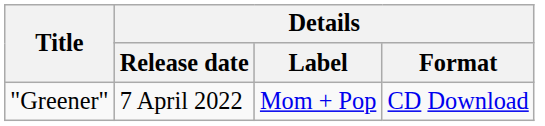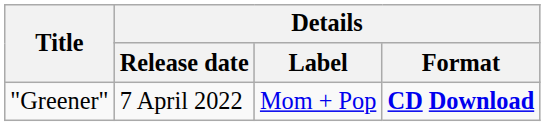 <table class="wikitable">
 <tr>
 <th rowspan="2">Title</th>
 <th colspan="3">Details</th>
 </tr>
 <tr>
 <th>Release date</th>
 <th>Label</th>
 <th>Format</th>
 </tr>
 <tr>
 <td>"Greener"</td>
 <td>7 April 2022</td>
 <td><a href='#'>Mom + Pop</a></td>
-<td><a href='#'>CD</a> <a href='#'>Download</a></td>
+<td><strong><a href='#'>CD</a> <a href='#'>Download</a></strong></td>
 </tr>
 </table>
